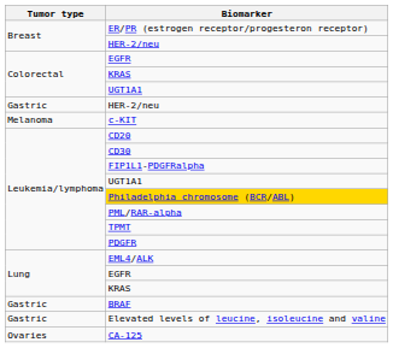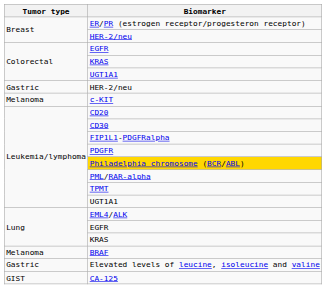 <table border="1"| class="wikitable">
 <tr>
 <th><strong>Tumor type</strong></th>
 <th><strong>Biomarker</strong></th>
 </tr>
 <tr>
 <td rowspan="2">Breast</td>
 <td><a href='#'>ER</a>/<a href='#'>PR</a> (estrogen receptor/progesteron receptor)</td>
 </tr>
 <tr>
 <td><a href='#'>HER-2/neu</a></td>
 </tr>
 <tr>
 <td rowspan="3">Colorectal</td>
 <td><a href='#'>EGFR</a></td>
 </tr>
 <tr>
 <td><a href='#'>KRAS</a></td>
 </tr>
 <tr>
 <td><a href='#'>UGT1A1</a></td>
 </tr>
 <tr>
 <td>Gastric</td>
 <td>HER-2/neu </td>
 </tr>
 <tr>
 <td>Melanoma</td>
 <td><a href='#'>c-KIT</a></td>
 </tr>
 <tr>
 <td rowspan="8">Leukemia/lymphoma</td>
 <td><a href='#'>CD20</a></td>
 </tr>
 <tr>
 <td><a href='#'>CD30</a></td>
 </tr>
 <tr>
 <td><a href='#'>FIP1L1</a>-<a href='#'>PDGFRalpha</a></td>
 </tr>
 <tr>
-<td>UGT1A1 </td>
+<td><a href='#'>PDGFR</a></td>
 </tr>
 <tr>
 <td style="background: gold;"><a href='#'>Philadelphia chromosome</a> (<a href='#'>BCR</a>/<a href='#'>ABL</a>) </td>
 </tr>
 <tr>
 <td><a href='#'>PML</a>/<a href='#'>RAR-alpha</a></td>
 </tr>
 <tr>
 <td><a href='#'>TPMT</a></td>
 </tr>
 <tr>
-<td><a href='#'>PDGFR</a></td>
+<td>UGT1A1 </td>
 </tr>
 <tr>
 <td rowspan="3">Lung</td>
 <td><a href='#'>EML4</a>/<a href='#'>ALK</a></td>
 </tr>
 <tr>
 <td>EGFR </td>
 </tr>
 <tr>
 <td>KRAS </td>
 </tr>
 <tr>
-<td>Gastric</td>
+<td>Melanoma</td>
 <td><a href='#'>BRAF</a></td>
 </tr>
 <tr>
 <td>Gastric</td>
 <td>Elevated levels of <a href='#'>leucine</a>, <a href='#'>isoleucine</a> and <a href='#'>valine</a></td>
 </tr>
 <tr>
-<td>Ovaries</td>
+<td>GIST</td>
 <td><a href='#'>CA-125</a></td>
 </tr>
 </table>
